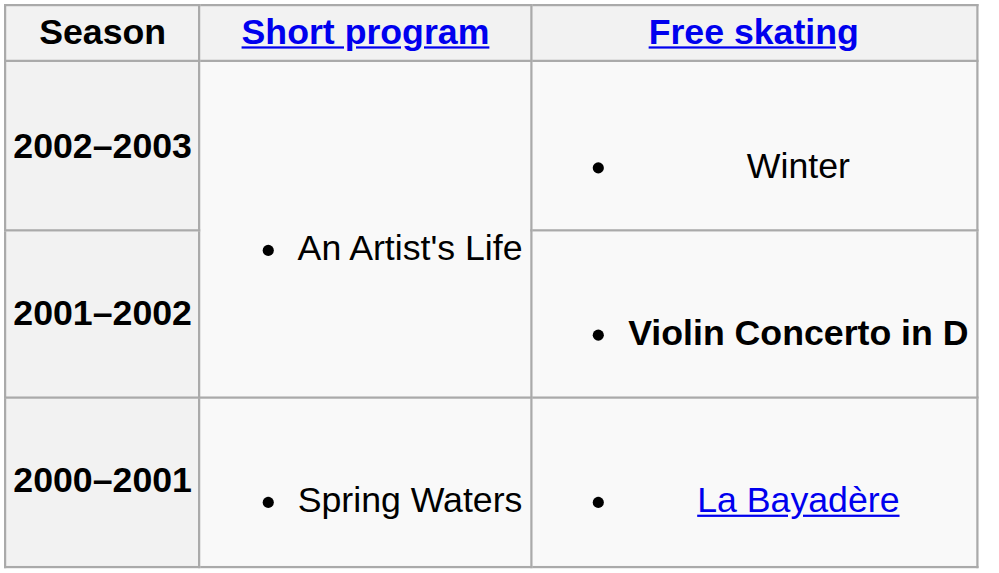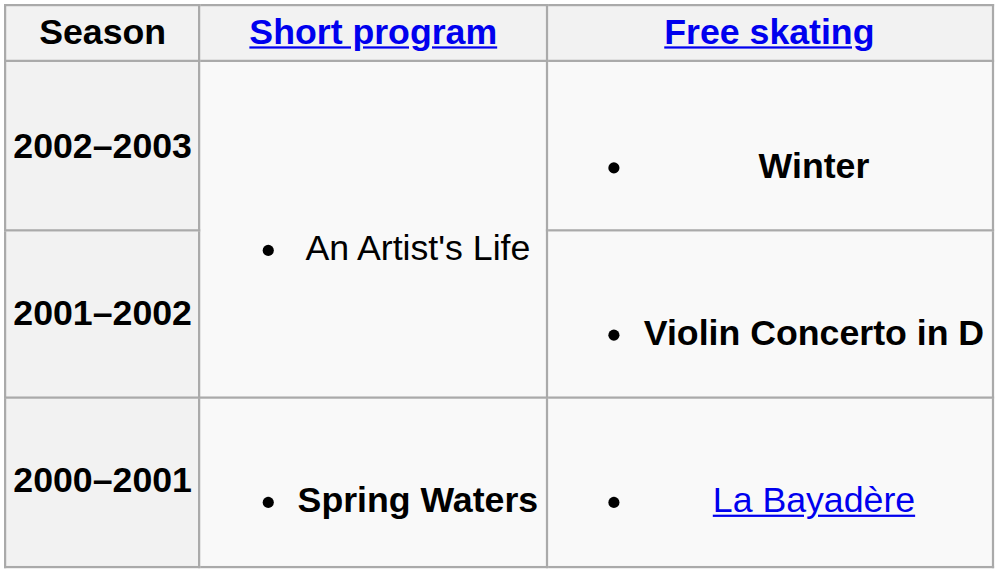 <table class=wikitable style=text-align:center>
 <tr>
 <th>Season</th>
 <th><a href='#'>Short program</a></th>
 <th><a href='#'>Free skating</a></th>
 </tr>
 <tr>
 <th>2002–2003 <br> </th>
 <td rowspan=2><br><ul><li>An Artist's Life <br></li></ul></td>
-<td><br><ul><li>Winter <br></li></ul></td>
+<td><strong><br><ul><li>Winter <br></li></ul></strong></td>
 </tr>
 <tr>
 <th>2001–2002 <br> </th>
 <td><strong><br><ul><li>Violin Concerto in D <br></li></ul></strong></td>
 </tr>
 <tr>
 <th>2000–2001 <br> </th>
-<td><br><ul><li>Spring Waters <br></li></ul></td>
+<td><strong><br><ul><li>Spring Waters <br></li></ul></strong></td>
 <td><br><ul><li><a href='#'>La Bayadère</a> <br></li></ul></td>
 </tr>
 </table>
